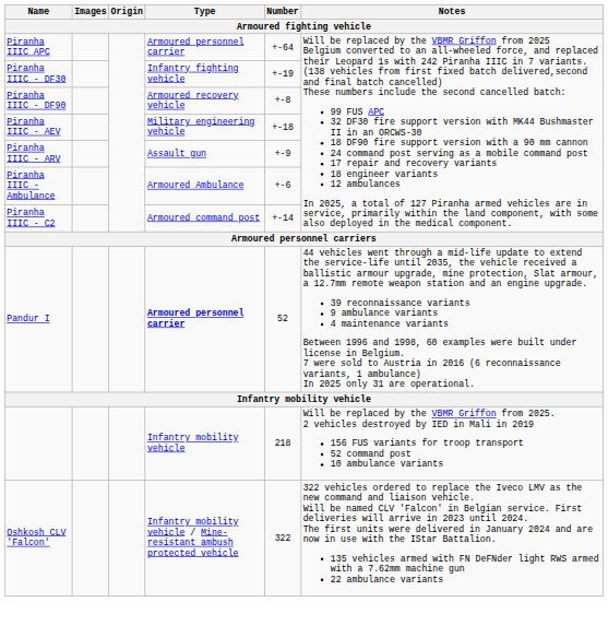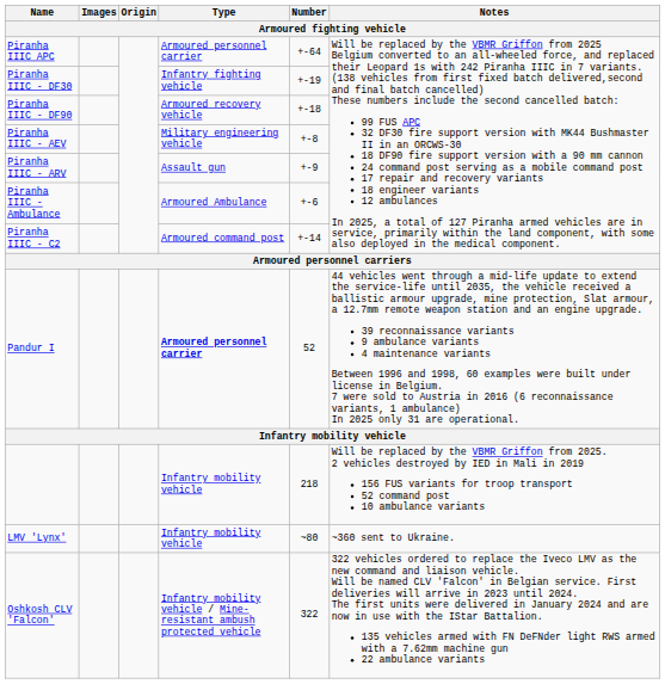 <table class="wikitable">
 <tr>
 <th>Name</th>
 <th>Images</th>
 <th>Origin</th>
 <th>Type</th>
 <th>Number</th>
 <th>Notes</th>
 </tr>
 <tr>
 <th colspan="6">Armoured fighting vehicle</th>
 </tr>
 <tr>
 <td><a href='#'>Piranha IIIC APC</a></td>
 <td style="text-align: center;"></td>
 <td rowspan="7"></td>
 <td><a href='#'>Armoured personnel carrier</a></td>
 <td style="text-align: center;">+-64</td>
 <td rowspan="7">Will be replaced by the <a href='#'>VBMR Griffon</a> from 2025<br>Belgium converted to an all-wheeled force, and replaced their Leopard 1s with 242 Piranha IIIC in 7 variants.(138 vehicles from first fixed batch delivered,second and final batch cancelled)<br>These numbers include the second cancelled batch:<ul><li>99 FUS <a href='#'>APC</a></li><li>32 DF30 fire support version with MK44 Bushmaster II in an ORCWS-30</li><li>18 DF90 fire support version with a 90 mm cannon </li><li>24 command post serving as a mobile command post</li><li>17 repair and recovery variants</li><li>18 engineer variants</li><li>12 ambulances</li></ul>In 2025, a total of 127 Piranha armed vehicles are in service, primarily within the land component, with some also deployed in the medical component.</td>
 </tr>
 <tr>
 <td><a href='#'>Piranha IIIC - DF30</a></td>
 <td style="text-align: center;"></td>
 <td><a href='#'>Infantry fighting vehicle</a></td>
 <td style="text-align: center;">+-19</td>
 </tr>
 <tr>
 <td><a href='#'>Piranha IIIC - DF90</a></td>
 <td style="text-align: center;"></td>
 <td><a href='#'>Armoured recovery vehicle</a></td>
-<td style="text-align: center;">+-8</td>
+<td style="text-align: center;">+-18</td>
 </tr>
 <tr>
 <td><a href='#'>Piranha IIIC - AEV</a></td>
 <td style="text-align: center;"></td>
 <td><a href='#'>Military engineering vehicle</a></td>
-<td style="text-align: center;">+-18</td>
+<td style="text-align: center;">+-8</td>
 </tr>
 <tr>
 <td><a href='#'>Piranha IIIC - ARV</a></td>
 <td style="text-align: center;"></td>
 <td><a href='#'>Assault gun</a></td>
 <td style="text-align: center;">+-9</td>
 </tr>
 <tr>
 <td><a href='#'>Piranha IIIC - Ambulance</a></td>
 <td style="text-align: center;"></td>
 <td><a href='#'>Armoured Ambulance</a></td>
 <td style="text-align: center;">+-6</td>
 </tr>
 <tr>
 <td><a href='#'>Piranha IIIC - C2</a></td>
 <td style="text-align: center;"></td>
 <td><a href='#'>Armoured command post</a></td>
 <td style="text-align: center;">+-14</td>
 </tr>
 <tr>
 <th colspan="6">Armoured personnel carriers</th>
 </tr>
 <tr>
 <td><a href='#'>Pandur I</a></td>
 <td style="text-align: center;"></td>
 <td></td>
 <td><strong><a href='#'>Armoured personnel carrier</a></strong></td>
 <td style="text-align: center;">52</td>
 <td>44 vehicles went through a mid-life update to extend the service-life until 2035, the vehicle received a ballistic armour upgrade, mine protection, Slat armour, a 12.7mm remote weapon station and an engine upgrade.<br> <ul><li>39 reconnaissance variants</li><li>9 ambulance variants</li><li>4 maintenance variants</li></ul>Between 1996 and 1998, 60 examples were built under license in Belgium.<br>7 were sold to Austria in 2016 (6 reconnaissance variants, 1 ambulance)<br>In 2025 only 31 are operational.</td>
 </tr>
 <tr>
 <th colspan="6">Infantry mobility vehicle</th>
 </tr>
 <tr>
 <td></td>
 <td style="text-align: center;"></td>
 <td></td>
 <td><a href='#'>Infantry mobility vehicle</a></td>
 <td style="text-align: center;">218<br></td>
 <td>Will be replaced by the <a href='#'>VBMR Griffon</a> from 2025.<br>2 vehicles destroyed by IED in Mali in 2019<ul><li>156 FUS variants for troop transport</li><li>52 command post</li><li>10 ambulance variants</li></ul></td>
 </tr>
 <tr>
+<td><a href='#'>LMV 'Lynx'</a></td>
+<td style="text-align: center;"></td>
+<td></td>
+<td><a href='#'>Infantry mobility vehicle</a></td>
+<td style="text-align: center;">~80<br></td>
+<td>~360 sent to Ukraine.</td>
+</tr>
+<tr>
 <td><a href='#'>Oshkosh CLV 'Falcon'</a></td>
 <td style="text-align: center;"></td>
 <td></td>
 <td><a href='#'>Infantry mobility vehicle</a> / <a href='#'>Mine-resistant ambush protected vehicle</a></td>
 <td style="text-align: center;">322</td>
 <td>322 vehicles ordered to replace the Iveco LMV as the new command and liaison vehicle.<br>Will be named CLV 'Falcon' in Belgian service. First deliveries will arrive in 2023 until 2024.<br>The first units were delivered in January 2024 and are now in use with the IStar Battalion.<ul><li>135 vehicles armed with FN DeFNder light RWS armed with a 7.62mm machine gun</li><li>22 ambulance variants</li></ul></td>
 </tr>
 </table>
